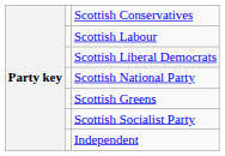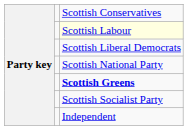 <table class=wikitable>
 <tr>
 <th rowspan=7>Party key</th>
 <td style="background: "></td>
 <td><a href='#'>Scottish Conservatives</a></td>
 </tr>
 <tr>
 <td style="background: "></td>
-<td><a href='#'>Scottish Labour</a></td>
+<td style="background: lightyellow;"><a href='#'>Scottish Labour</a></td>
 </tr>
 <tr>
 <td style="background: "></td>
 <td><a href='#'>Scottish Liberal Democrats</a></td>
 </tr>
 <tr>
 <td style="background: "></td>
 <td><a href='#'>Scottish National Party</a></td>
 </tr>
 <tr>
 <td style="background: "></td>
-<td><a href='#'>Scottish Greens</a></td>
+<td><strong><a href='#'>Scottish Greens</a></strong></td>
 </tr>
 <tr>
 <td style="background: "></td>
 <td><a href='#'>Scottish Socialist Party</a></td>
 </tr>
 <tr>
 <td style="background: "></td>
 <td><a href='#'>Independent</a></td>
 </tr>
 </table>
